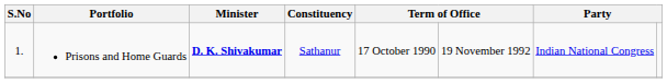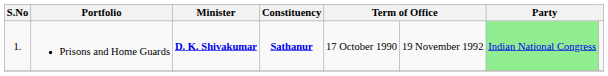 <table class="wikitable sortable" style="text-align:center;">
 <tr>
 <th>S.No</th>
 <th>Portfolio</th>
 <th>Minister</th>
 <th>Constituency</th>
 <th colspan="2">Term of Office</th>
 <th colspan="2" scope="col">Party</th>
 </tr>
 <tr>
 <td>1.</td>
 <td><br><ul><li>Prisons and Home Guards</li></ul></td>
 <td><strong><a href='#'>D. K. Shivakumar</a></strong></td>
-<td><a href='#'>Sathanur</a></td>
+<td><strong><a href='#'>Sathanur</a></strong></td>
 <td>17 October 1990</td>
 <td>19 November 1992</td>
-<td><a href='#'>Indian National Congress</a></td>
+<td style="background: lightgreen;"><a href='#'>Indian National Congress</a></td>
 <td style="background:"></td>
 </tr>
 <tr style="text-align:center">
 </tr>
 </table>
